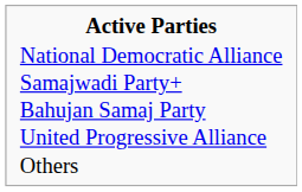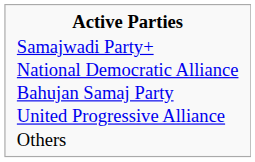 <table class="infobox" style="float: 1em; : 0.5em">
 <tr>
 <td style="text-align: center"><span><strong>Active Parties</strong></span></td>
 </tr>
 <tr>
-<td style="padding: 0 5px;"><a href='#'> National Democratic Alliance</a></td>
+<td style="padding: 0 5px;"> <a href='#'>Samajwadi Party+</a></td>
 </tr>
 <tr>
-<td style="padding: 0 5px;"> <a href='#'>Samajwadi Party+</a></td>
+<td style="padding: 0 5px;"><a href='#'> National Democratic Alliance</a></td>
 </tr>
 <tr>
 <td style="padding: 0 5px;"><a href='#'> Bahujan Samaj Party</a></td>
 </tr>
 <tr>
 <td style="padding: 0 5px;"> <a href='#'>United Progressive Alliance</a></td>
 </tr>
 <tr>
 <td style="padding: 0 5px;"> Others</td>
 </tr>
 </table>
